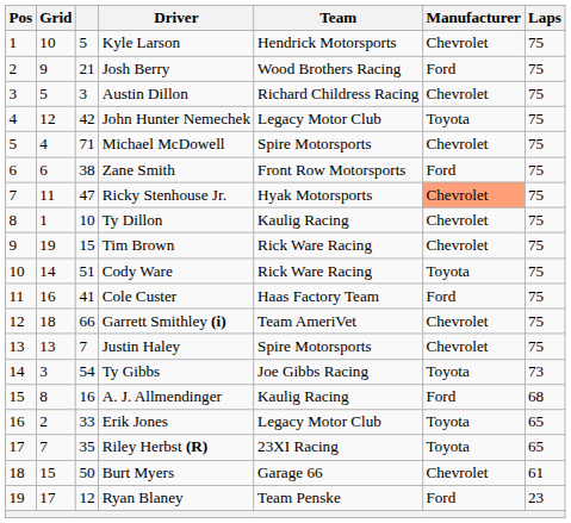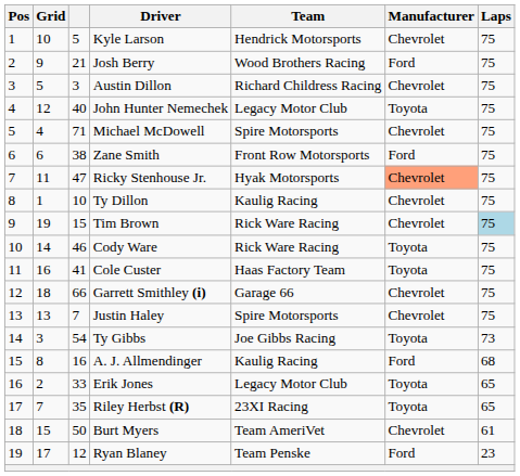 <table class="wikitable" style="font-size:98%">
 <tr>
 <th>Pos</th>
 <th>Grid</th>
 <th></th>
 <th>Driver</th>
 <th>Team</th>
 <th>Manufacturer</th>
 <th>Laps</th>
 </tr>
 <tr>
 <td>1</td>
 <td>10</td>
 <td>5</td>
 <td>Kyle Larson</td>
 <td>Hendrick Motorsports</td>
 <td>Chevrolet</td>
 <td>75</td>
 </tr>
 <tr>
 <td>2</td>
 <td>9</td>
 <td>21</td>
 <td>Josh Berry</td>
 <td>Wood Brothers Racing</td>
 <td>Ford</td>
 <td>75</td>
 </tr>
 <tr>
 <td>3</td>
 <td>5</td>
 <td>3</td>
 <td>Austin Dillon</td>
 <td>Richard Childress Racing</td>
 <td>Chevrolet</td>
 <td>75</td>
 </tr>
 <tr>
 <td>4</td>
 <td>12</td>
-<td>42</td>
+<td>40</td>
 <td>John Hunter Nemechek</td>
 <td>Legacy Motor Club</td>
 <td>Toyota</td>
 <td>75</td>
 </tr>
 <tr>
 <td>5</td>
 <td>4</td>
 <td>71</td>
 <td>Michael McDowell</td>
 <td>Spire Motorsports</td>
 <td>Chevrolet</td>
 <td>75</td>
 </tr>
 <tr>
 <td>6</td>
 <td>6</td>
 <td>38</td>
 <td>Zane Smith</td>
 <td>Front Row Motorsports</td>
 <td>Ford</td>
 <td>75</td>
 </tr>
 <tr>
 <td>7</td>
 <td>11</td>
 <td>47</td>
 <td>Ricky Stenhouse Jr.</td>
 <td>Hyak Motorsports</td>
 <td style="background: lightsalmon;">Chevrolet</td>
 <td>75</td>
 </tr>
 <tr>
 <td>8</td>
 <td>1</td>
 <td>10</td>
 <td>Ty Dillon</td>
 <td>Kaulig Racing</td>
 <td>Chevrolet</td>
 <td>75</td>
 </tr>
 <tr>
 <td>9</td>
 <td>19</td>
 <td>15</td>
 <td>Tim Brown</td>
 <td>Rick Ware Racing</td>
 <td>Chevrolet</td>
-<td>75</td>
+<td style="background: lightblue;">75</td>
 </tr>
 <tr>
 <td>10</td>
 <td>14</td>
-<td>51</td>
+<td>46</td>
 <td>Cody Ware</td>
 <td>Rick Ware Racing</td>
 <td>Toyota</td>
 <td>75</td>
 </tr>
 <tr>
 <td>11</td>
 <td>16</td>
 <td>41</td>
 <td>Cole Custer</td>
 <td>Haas Factory Team</td>
-<td>Ford</td>
+<td>Toyota</td>
 <td>75</td>
 </tr>
 <tr>
 <td>12</td>
 <td>18</td>
 <td>66</td>
 <td>Garrett Smithley <strong>(i)</strong></td>
-<td>Team AmeriVet</td>
+<td>Garage 66</td>
 <td>Chevrolet</td>
 <td>75</td>
 </tr>
 <tr>
 <td>13</td>
 <td>13</td>
 <td>7</td>
 <td>Justin Haley</td>
 <td>Spire Motorsports</td>
 <td>Chevrolet</td>
 <td>75</td>
 </tr>
 <tr>
 <td>14</td>
 <td>3</td>
 <td>54</td>
 <td>Ty Gibbs</td>
 <td>Joe Gibbs Racing</td>
 <td>Toyota</td>
 <td>73</td>
 </tr>
 <tr>
 <td>15</td>
 <td>8</td>
 <td>16</td>
 <td>A. J. Allmendinger</td>
 <td>Kaulig Racing</td>
 <td>Ford</td>
 <td>68</td>
 </tr>
 <tr>
 <td>16</td>
 <td>2</td>
 <td>33</td>
 <td>Erik Jones</td>
 <td>Legacy Motor Club</td>
 <td>Toyota</td>
 <td>65</td>
 </tr>
 <tr>
 <td>17</td>
 <td>7</td>
 <td>35</td>
 <td>Riley Herbst <strong>(R)</strong></td>
 <td>23XI Racing</td>
 <td>Toyota</td>
 <td>65</td>
 </tr>
 <tr>
 <td>18</td>
 <td>15</td>
 <td>50</td>
 <td>Burt Myers</td>
-<td>Garage 66</td>
+<td>Team AmeriVet</td>
 <td>Chevrolet</td>
 <td>61</td>
 </tr>
 <tr>
 <td>19</td>
 <td>17</td>
 <td>12</td>
 <td>Ryan Blaney</td>
 <td>Team Penske</td>
 <td>Ford</td>
 <td>23</td>
 </tr>
 <tr>
 <th colspan="7"></th>
 </tr>
 </table>
